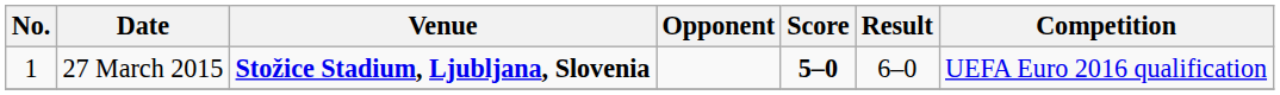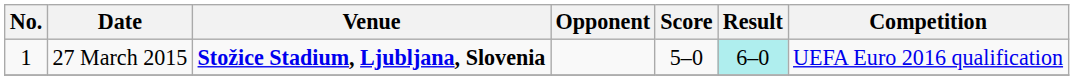 <table class="wikitable sortable">
 <tr>
 <th scope="col">No.</th>
 <th scope="col">Date</th>
 <th scope="col">Venue</th>
 <th scope="col">Opponent</th>
 <th scope="col">Score</th>
 <th scope="col">Result</th>
 <th scope="col">Competition</th>
 </tr>
 <tr>
 <td align=center>1</td>
 <td>27 March 2015</td>
 <td><strong><a href='#'>Stožice Stadium</a>, <a href='#'>Ljubljana</a>, Slovenia</strong></td>
 <td></td>
-<td align=center><strong>5–0</strong></td>
-<td align=center>6–0</td>
+<td align=center>5–0</td>
+<td align=center style="background: paleturquoise;">6–0</td>
 <td><a href='#'>UEFA Euro 2016 qualification</a></td>
 </tr>
 <tr>
 </tr>
 </table>
